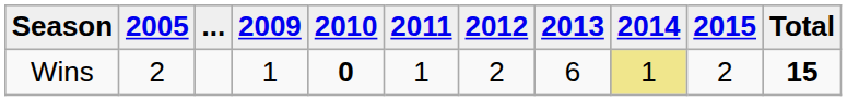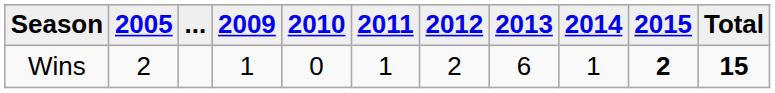 <table class="wikitable">
 <tr style="background:#efefef;font-weight:bold">
 <td>Season</td>
 <td><a href='#'>2005</a></td>
 <td>...</td>
 <td><a href='#'>2009</a></td>
 <td><a href='#'>2010</a></td>
 <td><a href='#'>2011</a></td>
 <td><a href='#'>2012</a></td>
 <td><a href='#'>2013</a></td>
 <td><a href='#'>2014</a></td>
 <td><a href='#'>2015</a></td>
 <td><strong>Total</strong></td>
 </tr>
 <tr align="center">
 <td>Wins</td>
 <td>2</td>
 <td></td>
 <td>1</td>
-<td><strong>0</strong></td>
+<td>0</td>
 <td>1</td>
 <td>2</td>
 <td>6</td>
-<td style="background: khaki;">1</td>
-<td>2</td>
+<td>1</td>
+<td><strong>2</strong></td>
 <td><strong>15</strong></td>
 </tr>
 </table>
